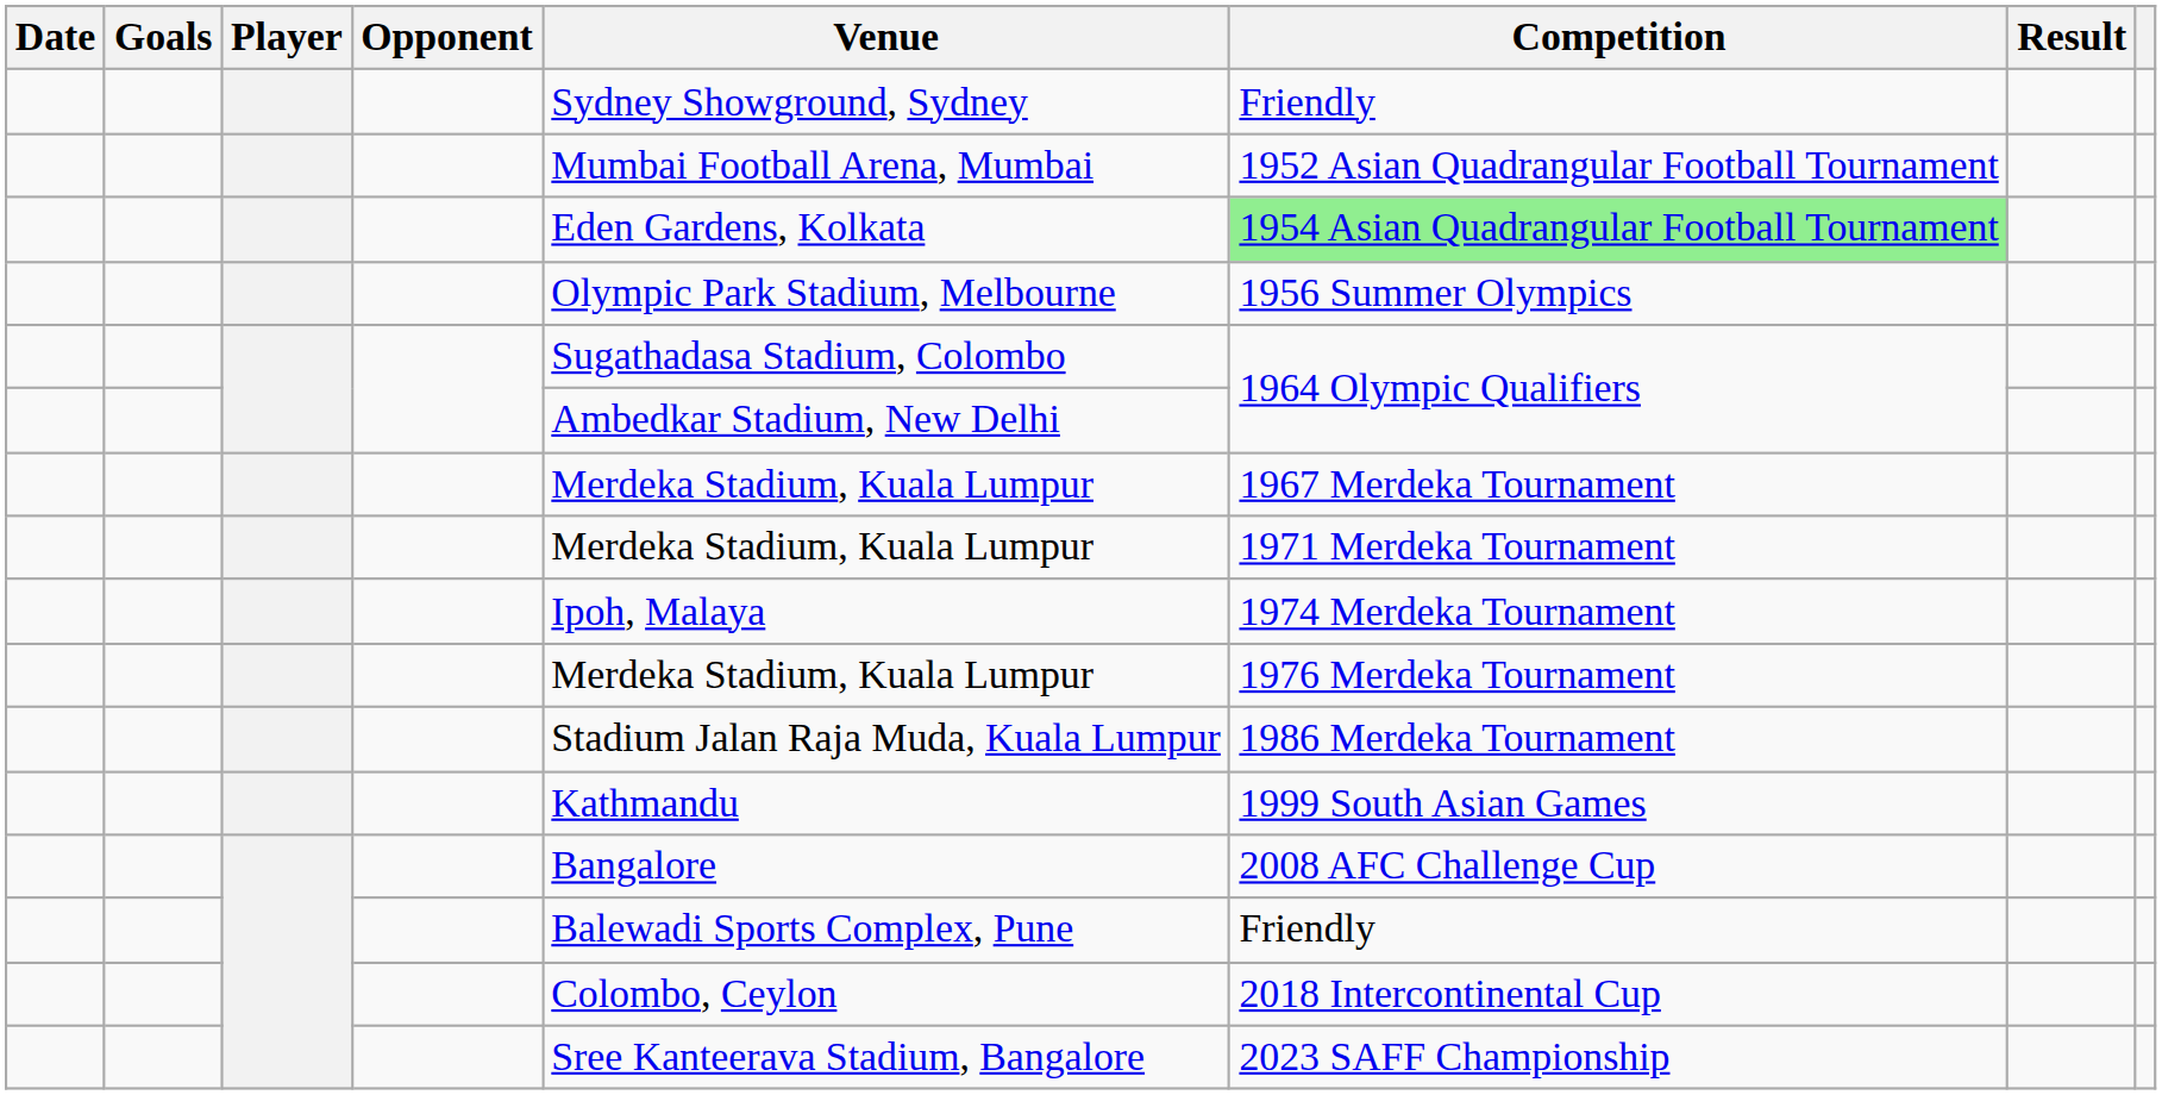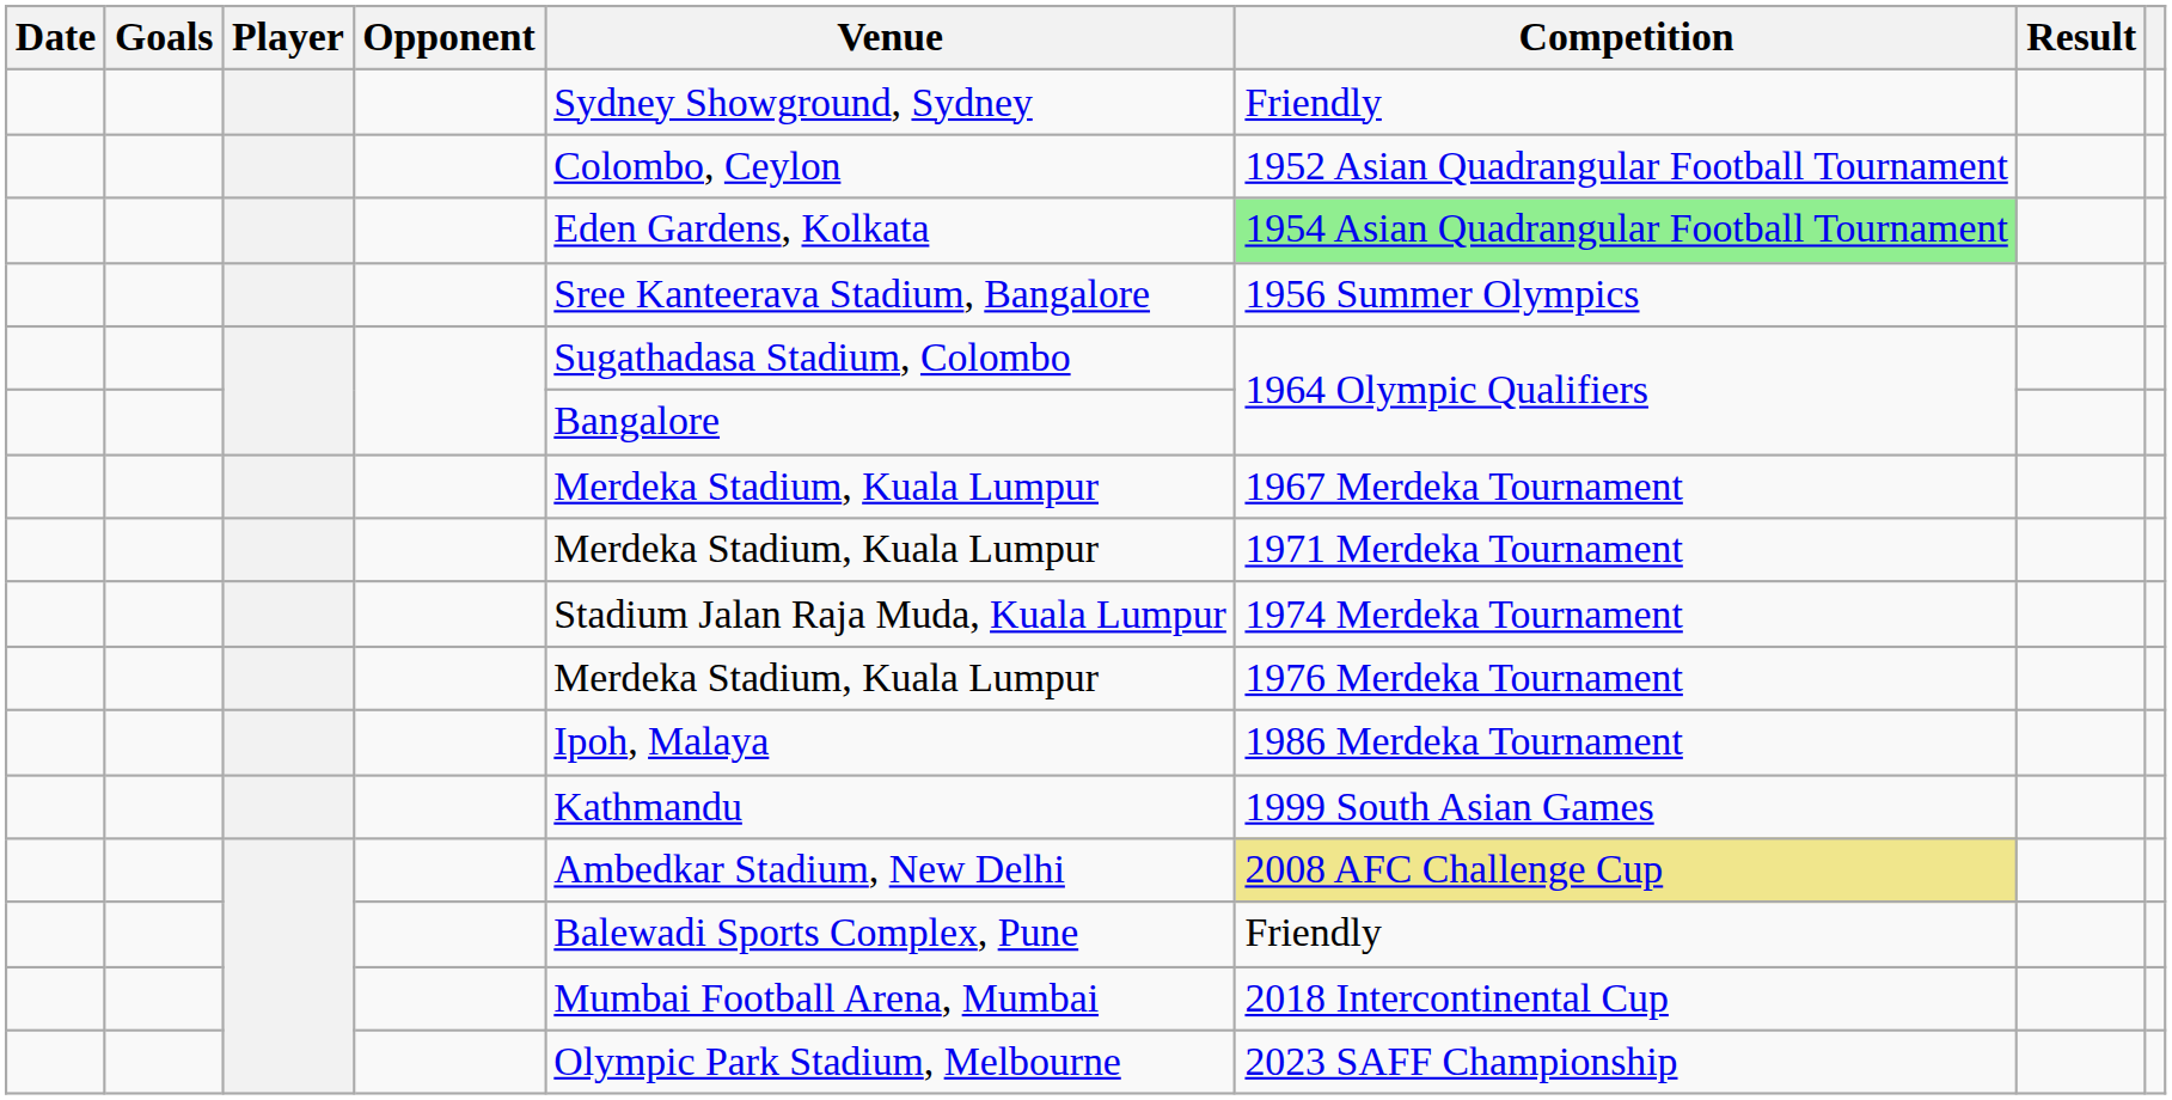 <table class="wikitable sortable plainrowheaders">
 <tr>
 <th scope="col">Date</th>
 <th scope="col">Goals</th>
 <th scope="col">Player</th>
 <th scope="col">Opponent</th>
 <th scope="col">Venue</th>
 <th scope="col">Competition</th>
 <th scope="col" class="align:center">Result</th>
 <th scope="col" class="unsortable"></th>
 </tr>
 <tr>
 <td></td>
 <td></td>
 <th scope="row"></th>
 <td></td>
 <td><a href='#'>Sydney Showground</a>, <a href='#'>Sydney</a></td>
 <td><a href='#'>Friendly</a></td>
 <td data-sort-value="04"></td>
 <td></td>
 </tr>
 <tr>
 <td></td>
 <td></td>
 <th scope="row"></th>
 <td></td>
-<td><a href='#'>Mumbai Football Arena</a>, <a href='#'>Mumbai</a></td>
+<td><a href='#'>Colombo</a>, <a href='#'>Ceylon</a></td>
 <td><a href='#'>1952 Asian Quadrangular Football Tournament</a></td>
 <td data-sort-value="04"></td>
 <td></td>
 </tr>
 <tr>
 <td></td>
 <td></td>
 <th scope="row"></th>
 <td></td>
 <td><a href='#'>Eden Gardens</a>, <a href='#'>Kolkata</a></td>
 <td style="background: lightgreen;"><a href='#'>1954 Asian Quadrangular Football Tournament</a></td>
 <td data-sort-value="03"></td>
 <td></td>
 </tr>
 <tr>
 <td></td>
 <td></td>
 <th scope="row"></th>
 <td></td>
-<td><a href='#'>Olympic Park Stadium</a>, <a href='#'>Melbourne</a></td>
+<td><a href='#'>Sree Kanteerava Stadium</a>, <a href='#'>Bangalore</a></td>
 <td><a href='#'>1956 Summer Olympics</a></td>
 <td data-sort-value="04"></td>
 <td></td>
 </tr>
 <tr>
 <td></td>
 <td></td>
 <th scope="row" rowspan="2"></th>
 <td rowspan="2"></td>
 <td><a href='#'>Sugathadasa Stadium</a>, <a href='#'>Colombo</a></td>
 <td rowspan="2"><a href='#'>1964 Olympic Qualifiers</a></td>
 <td data-sort-value="05"></td>
 <td></td>
 </tr>
 <tr>
 <td></td>
 <td></td>
-<td><a href='#'>Ambedkar Stadium</a>, <a href='#'>New Delhi</a></td>
+<td><a href='#'>Bangalore</a></td>
 <td data-sort-value="07"></td>
 <td></td>
 </tr>
 <tr>
 <td></td>
 <td></td>
 <th scope="row"></th>
 <td></td>
 <td><a href='#'>Merdeka Stadium</a>, <a href='#'>Kuala Lumpur</a></td>
 <td><a href='#'>1967 Merdeka Tournament</a></td>
 <td data-sort-value="04"></td>
 <td></td>
 </tr>
 <tr>
 <td></td>
 <td></td>
 <th scope="row"></th>
 <td></td>
 <td>Merdeka Stadium, Kuala Lumpur</td>
 <td><a href='#'>1971 Merdeka Tournament</a></td>
 <td data-sort-value="05"></td>
 <td></td>
 </tr>
 <tr>
 <td></td>
 <td></td>
 <th scope="row"></th>
 <td></td>
-<td><a href='#'>Ipoh</a>, <a href='#'>Malaya</a></td>
+<td>Stadium Jalan Raja Muda, <a href='#'>Kuala Lumpur</a></td>
 <td><a href='#'>1974 Merdeka Tournament</a></td>
 <td data-sort-value="04"></td>
 <td></td>
 </tr>
 <tr>
 <td></td>
 <td></td>
 <th scope="row"></th>
 <td></td>
 <td>Merdeka Stadium, Kuala Lumpur</td>
 <td><a href='#'>1976 Merdeka Tournament</a></td>
 <td data-sort-value="03"></td>
 <td></td>
 </tr>
 <tr>
 <td></td>
 <td></td>
 <th scope="row"></th>
 <td></td>
-<td>Stadium Jalan Raja Muda, <a href='#'>Kuala Lumpur</a></td>
+<td><a href='#'>Ipoh</a>, <a href='#'>Malaya</a></td>
 <td><a href='#'>1986 Merdeka Tournament</a></td>
 <td data-sort-value="03"></td>
 <td></td>
 </tr>
 <tr>
 <td></td>
 <td></td>
 <th scope="row"></th>
 <td></td>
 <td><a href='#'>Kathmandu</a></td>
 <td><a href='#'>1999 South Asian Games</a></td>
 <td data-sort-value="05"></td>
 <td></td>
 </tr>
 <tr>
 <td></td>
 <td></td>
 <th scope="row" rowspan="4"></th>
 <td></td>
-<td><a href='#'>Bangalore</a></td>
-<td><a href='#'>2008 AFC Challenge Cup</a></td>
+<td><a href='#'>Ambedkar Stadium</a>, <a href='#'>New Delhi</a></td>
+<td style="background: khaki;"><a href='#'>2008 AFC Challenge Cup</a></td>
 <td data-sort-value="04"></td>
 <td></td>
 </tr>
 <tr>
 <td></td>
 <td></td>
 <td></td>
 <td><a href='#'>Balewadi Sports Complex</a>, <a href='#'>Pune</a></td>
 <td>Friendly</td>
 <td data-sort-value="03"></td>
 <td></td>
 </tr>
 <tr>
 <td></td>
 <td></td>
 <td></td>
-<td><a href='#'>Colombo</a>, <a href='#'>Ceylon</a></td>
+<td><a href='#'>Mumbai Football Arena</a>, <a href='#'>Mumbai</a></td>
 <td><a href='#'>2018 Intercontinental Cup</a></td>
 <td data-sort-value="05"></td>
 <td></td>
 </tr>
 <tr>
 <td></td>
 <td></td>
 <td></td>
-<td><a href='#'>Sree Kanteerava Stadium</a>, <a href='#'>Bangalore</a></td>
+<td><a href='#'>Olympic Park Stadium</a>, <a href='#'>Melbourne</a></td>
 <td><a href='#'>2023 SAFF Championship</a></td>
 <td data-sort-value="03"></td>
 <td></td>
 </tr>
 </table>
